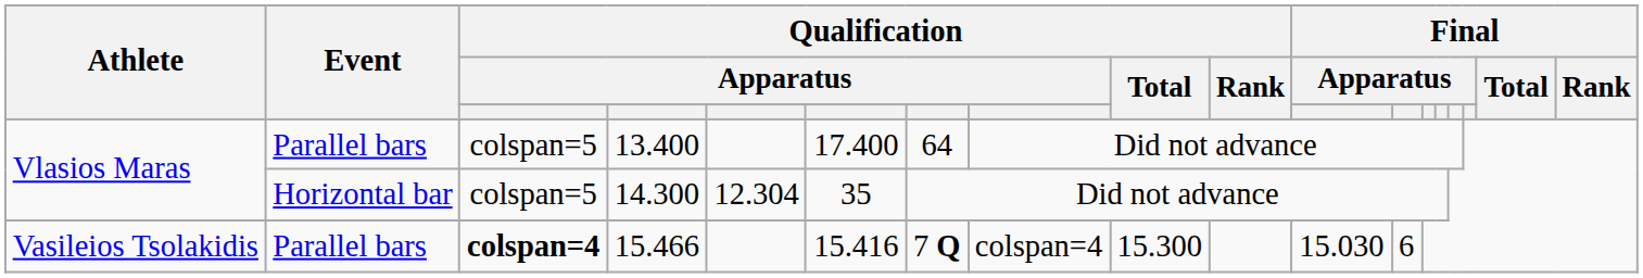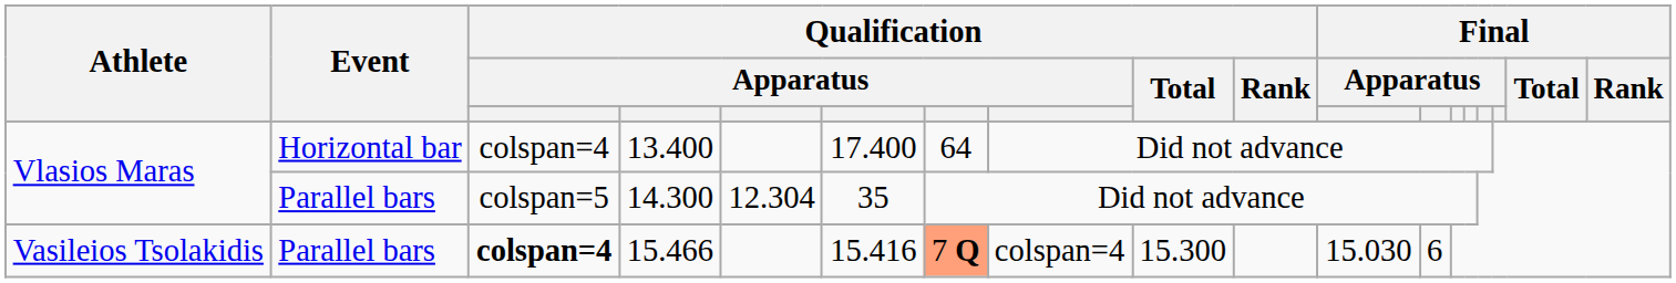 <table class="wikitable" style="font-size:90%">
 <tr>
 <th rowspan=3>Athlete</th>
 <th rowspan=3>Event</th>
 <th colspan =8>Qualification</th>
 <th colspan =8>Final</th>
 </tr>
 <tr style="font-size:95%">
 <th colspan=6>Apparatus</th>
 <th rowspan=2>Total</th>
 <th rowspan=2>Rank</th>
 <th colspan=6>Apparatus</th>
 <th rowspan=2>Total</th>
 <th rowspan=2>Rank</th>
 </tr>
 <tr style="font-size:95%">
 <th></th>
 <th></th>
 <th></th>
 <th></th>
 <th></th>
 <th></th>
 <th></th>
 <th></th>
 <th></th>
 <th></th>
 <th></th>
 <th></th>
 </tr>
 <tr align=center>
 <td align=left rowspan=2><a href='#'>Vlasios Maras</a></td>
-<td align=left><a href='#'>Parallel bars</a></td>
-<td>colspan=5 </td>
+<td align=left><a href='#'>Horizontal bar</a></td>
+<td>colspan=4 </td>
 <td>13.400</td>
 <td></td>
 <td>17.400</td>
 <td>64</td>
 <td colspan=8>Did not advance</td>
 </tr>
 <tr align=center>
-<td align=left><a href='#'>Horizontal bar</a></td>
+<td align=left><a href='#'>Parallel bars</a></td>
 <td>colspan=5 </td>
 <td>14.300</td>
 <td>12.304</td>
 <td>35</td>
 <td colspan=8>Did not advance</td>
 </tr>
 <tr align=center>
 <td align=left><a href='#'>Vasileios Tsolakidis</a></td>
 <td align=left><a href='#'>Parallel bars</a></td>
 <td><strong>colspan=4 </strong></td>
 <td>15.466</td>
 <td></td>
 <td>15.416</td>
-<td>7 <strong>Q</strong></td>
+<td style="background: lightsalmon;">7 <strong>Q</strong></td>
 <td>colspan=4 </td>
 <td>15.300</td>
 <td></td>
 <td>15.030</td>
 <td>6</td>
 </tr>
 </table>
